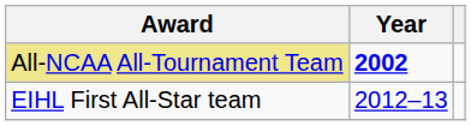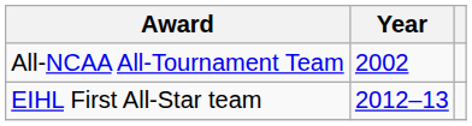 <table class="wikitable">
 <tr>
 <th>Award</th>
 <th>Year</th>
 <th></th>
 </tr>
 <tr>
-<td style="background: khaki;">All-<a href='#'>NCAA</a> <a href='#'>All-Tournament Team</a></td>
-<td><strong><a href='#'>2002</a></strong></td>
+<td>All-<a href='#'>NCAA</a> <a href='#'>All-Tournament Team</a></td>
+<td><a href='#'>2002</a></td>
 <td></td>
 </tr>
 <tr>
 <td><a href='#'>EIHL</a> First All-Star team</td>
 <td><a href='#'>2012–13</a></td>
 <td></td>
 </tr>
 <tr>
 </tr>
 </table>
